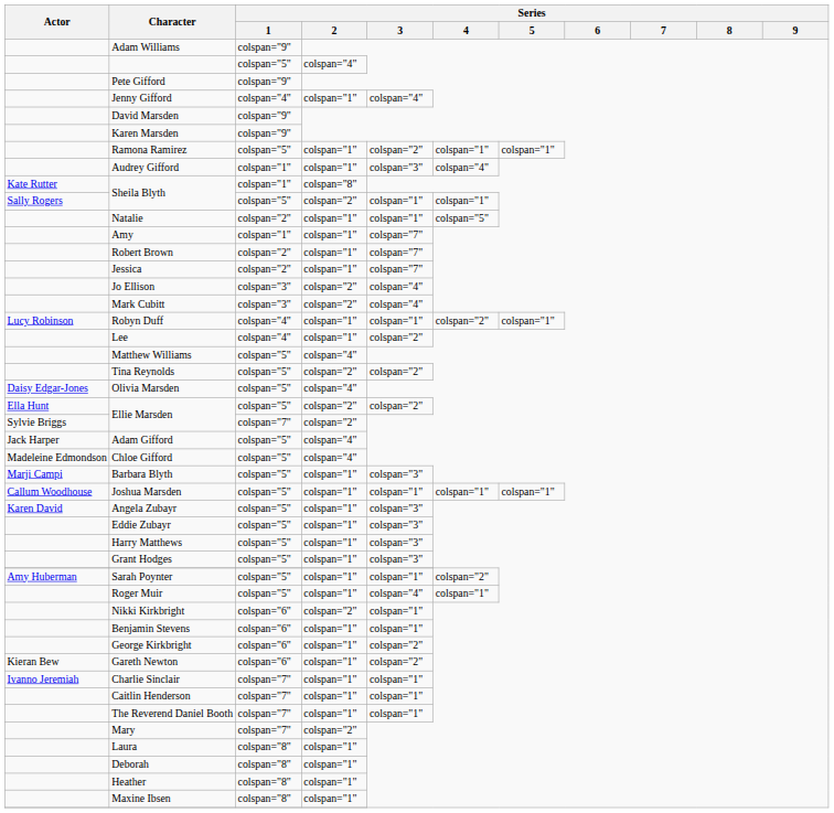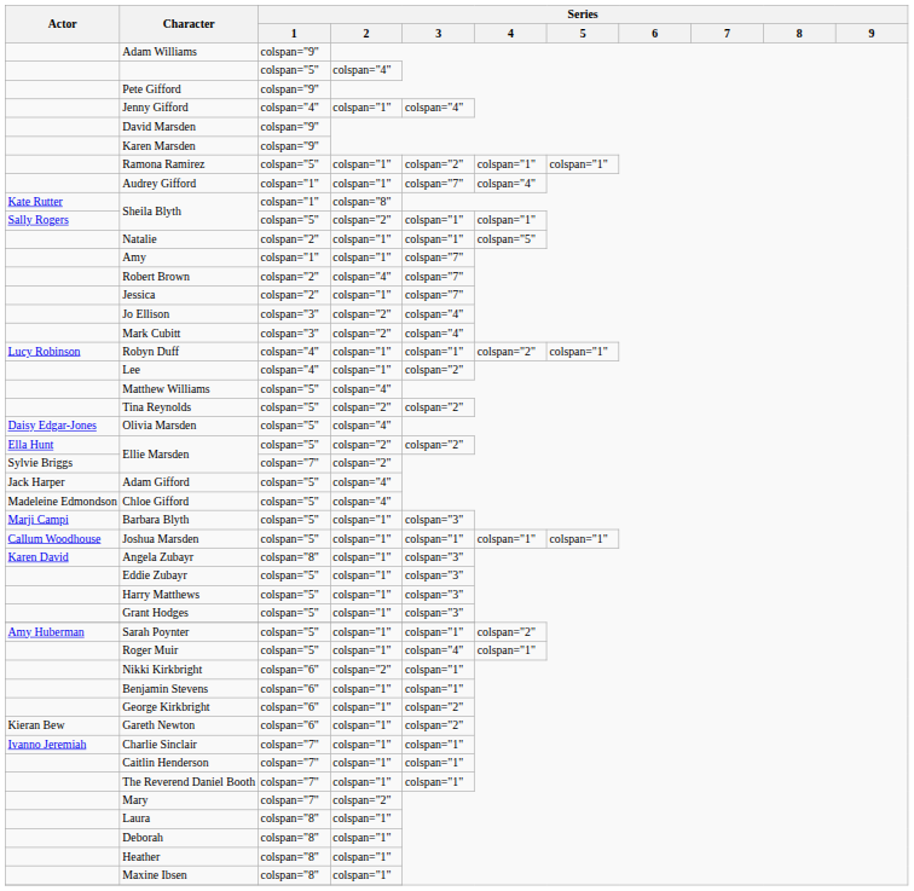 <table class="wikitable plainrowheaders">
 <tr>
 <th scope="col" rowspan="2">Actor</th>
 <th scope="col" rowspan="2">Character</th>
 <th scope="col" colspan="9">Series</th>
 </tr>
 <tr>
 <th scope="col" style="width:8%;">1</th>
 <th scope="col" style="width:8%;">2</th>
 <th scope="col" style="width:8%;">3</th>
 <th scope="col" style="width:8%;">4</th>
 <th scope="col" style="width:8%;">5</th>
 <th scope="col" style="width:8%;">6</th>
 <th scope="col" style="width:8%;">7</th>
 <th scope="col" style="width:8%;">8</th>
 <th scope="col" style="width:8%;">9</th>
 </tr>
 <tr>
 <td scope="row"></td>
 <td>Adam Williams</td>
 <td>colspan="9" </td>
 </tr>
 <tr>
 <td scope="row"></td>
 <td></td>
 <td>colspan="5" </td>
 <td>colspan="4" </td>
 </tr>
 <tr>
 <td scope="row"></td>
 <td>Pete Gifford</td>
 <td>colspan="9" </td>
 </tr>
 <tr>
 <td scope="row"></td>
 <td>Jenny Gifford</td>
 <td>colspan="4" </td>
 <td>colspan="1" </td>
 <td>colspan="4" </td>
 </tr>
 <tr>
 <td scope="row"></td>
 <td>David Marsden</td>
 <td>colspan="9" </td>
 </tr>
 <tr>
 <td scope="row"></td>
 <td>Karen Marsden</td>
 <td>colspan="9" </td>
 </tr>
 <tr>
 <td scope="row"></td>
 <td>Ramona Ramirez</td>
 <td>colspan="5" </td>
 <td>colspan="1" </td>
 <td>colspan="2" </td>
 <td>colspan="1" </td>
 <td>colspan="1" </td>
 </tr>
 <tr>
 <td scope="row"></td>
 <td>Audrey Gifford</td>
 <td>colspan="1" </td>
 <td>colspan="1" </td>
-<td>colspan="3" </td>
+<td>colspan="7" </td>
 <td>colspan="4" </td>
 </tr>
 <tr>
 <td scope="row"><a href='#'>Kate Rutter</a></td>
 <td rowspan="2">Sheila Blyth</td>
 <td>colspan="1" </td>
 <td>colspan="8" </td>
 </tr>
 <tr>
 <td><a href='#'>Sally Rogers</a></td>
 <td>colspan="5" </td>
 <td>colspan="2" </td>
 <td>colspan="1" </td>
 <td>colspan="1" </td>
 </tr>
 <tr>
 <td scope="row"></td>
 <td>Natalie</td>
 <td>colspan="2" </td>
 <td>colspan="1" </td>
 <td>colspan="1" </td>
 <td>colspan="5" </td>
 </tr>
 <tr>
 <td scope="row"></td>
 <td>Amy</td>
 <td>colspan="1" </td>
 <td>colspan="1" </td>
 <td>colspan="7" </td>
 </tr>
 <tr>
 <td scope="row"></td>
 <td>Robert Brown</td>
 <td>colspan="2" </td>
-<td>colspan="1" </td>
+<td>colspan="4" </td>
 <td>colspan="7" </td>
 </tr>
 <tr>
 <td scope="row"></td>
 <td>Jessica</td>
 <td>colspan="2" </td>
 <td>colspan="1" </td>
 <td>colspan="7" </td>
 </tr>
 <tr>
 <td scope="row"></td>
 <td>Jo Ellison</td>
 <td>colspan="3" </td>
 <td>colspan="2" </td>
 <td>colspan="4" </td>
 </tr>
 <tr>
 <td scope="row"></td>
 <td>Mark Cubitt</td>
 <td>colspan="3" </td>
 <td>colspan="2" </td>
 <td>colspan="4" </td>
 </tr>
 <tr>
 <td scope="row"><a href='#'>Lucy Robinson</a></td>
 <td>Robyn Duff</td>
 <td>colspan="4" </td>
 <td>colspan="1" </td>
 <td>colspan="1" </td>
 <td>colspan="2" </td>
 <td>colspan="1" </td>
 </tr>
 <tr>
 <td scope="row"></td>
 <td>Lee</td>
 <td>colspan="4" </td>
 <td>colspan="1" </td>
 <td>colspan="2" </td>
 </tr>
 <tr>
 <td scope="row"></td>
 <td>Matthew Williams</td>
 <td>colspan="5" </td>
 <td>colspan="4" </td>
 </tr>
 <tr>
 <td scope="row"></td>
 <td>Tina Reynolds</td>
 <td>colspan="5" </td>
 <td>colspan="2" </td>
 <td>colspan="2" </td>
 </tr>
 <tr>
 <td scope="row"><a href='#'>Daisy Edgar-Jones</a></td>
 <td>Olivia Marsden</td>
 <td>colspan="5" </td>
 <td>colspan="4" </td>
 </tr>
 <tr>
 <td scope="row"><a href='#'>Ella Hunt</a></td>
 <td rowspan="2">Ellie Marsden</td>
 <td>colspan="5" </td>
 <td>colspan="2" </td>
 <td>colspan="2" </td>
 </tr>
 <tr>
 <td>Sylvie Briggs</td>
 <td>colspan="7" </td>
 <td>colspan="2" </td>
 </tr>
 <tr>
 <td scope="row">Jack Harper</td>
 <td>Adam Gifford</td>
 <td>colspan="5" </td>
 <td>colspan="4" </td>
 </tr>
 <tr>
 <td scope="row">Madeleine Edmondson</td>
 <td>Chloe Gifford</td>
 <td>colspan="5" </td>
 <td>colspan="4" </td>
 </tr>
 <tr>
 <td scope="row"><a href='#'>Marji Campi</a></td>
 <td>Barbara Blyth</td>
 <td>colspan="5" </td>
 <td>colspan="1" </td>
 <td>colspan="3" </td>
 </tr>
 <tr>
 <td scope="row"><a href='#'>Callum Woodhouse</a></td>
 <td>Joshua Marsden</td>
 <td>colspan="5" </td>
 <td>colspan="1" </td>
 <td>colspan="1" </td>
 <td>colspan="1" </td>
 <td>colspan="1" </td>
 </tr>
 <tr>
 <td scope="row"><a href='#'>Karen David</a></td>
 <td>Angela Zubayr</td>
-<td>colspan="5" </td>
+<td>colspan="8" </td>
 <td>colspan="1" </td>
 <td>colspan="3" </td>
 </tr>
 <tr>
 <td scope="row"></td>
 <td>Eddie Zubayr</td>
 <td>colspan="5" </td>
 <td>colspan="1" </td>
 <td>colspan="3" </td>
 </tr>
 <tr>
 <td scope="row"></td>
 <td>Harry Matthews</td>
 <td>colspan="5" </td>
 <td>colspan="1" </td>
 <td>colspan="3" </td>
 </tr>
 <tr>
 <td scope="row"></td>
 <td>Grant Hodges</td>
 <td>colspan="5" </td>
 <td>colspan="1" </td>
 <td>colspan="3" </td>
 </tr>
 <tr>
 </tr>
 <tr>
 <td scope="row"><a href='#'>Amy Huberman</a></td>
 <td>Sarah Poynter</td>
 <td>colspan="5" </td>
 <td>colspan="1" </td>
 <td>colspan="1" </td>
 <td>colspan="2" </td>
 </tr>
 <tr>
 <td scope="row"></td>
 <td>Roger Muir</td>
 <td>colspan="5" </td>
 <td>colspan="1" </td>
 <td>colspan="4" </td>
 <td>colspan="1" </td>
 </tr>
 <tr>
 <td scope="row"></td>
 <td>Nikki Kirkbright</td>
 <td>colspan="6" </td>
 <td>colspan="2" </td>
 <td>colspan="1" </td>
 </tr>
 <tr>
 <td scope="row"></td>
 <td>Benjamin Stevens</td>
 <td>colspan="6" </td>
 <td>colspan="1" </td>
 <td>colspan="1" </td>
 </tr>
 <tr>
 <td scope="row"></td>
 <td>George Kirkbright</td>
 <td>colspan="6" </td>
 <td>colspan="1" </td>
 <td>colspan="2" </td>
 </tr>
 <tr>
 <td scope="row">Kieran Bew</td>
 <td>Gareth Newton</td>
 <td>colspan="6" </td>
 <td>colspan="1" </td>
 <td>colspan="2" </td>
 </tr>
 <tr>
 <td scope="row"><a href='#'>Ivanno Jeremiah</a></td>
 <td>Charlie Sinclair</td>
 <td>colspan="7" </td>
 <td>colspan="1" </td>
 <td>colspan="1" </td>
 </tr>
 <tr>
 <td scope="row"></td>
 <td>Caitlin Henderson</td>
 <td>colspan="7" </td>
 <td>colspan="1" </td>
 <td>colspan="1" </td>
 </tr>
 <tr>
 <td scope="row"></td>
 <td>The Reverend Daniel Booth</td>
 <td>colspan="7" </td>
 <td>colspan="1" </td>
 <td>colspan="1" </td>
 </tr>
 <tr>
 <td scope="row"></td>
 <td>Mary</td>
 <td>colspan="7" </td>
 <td>colspan="2" </td>
 </tr>
 <tr>
 <td scope="row"></td>
 <td>Laura</td>
 <td>colspan="8" </td>
 <td>colspan="1" </td>
 </tr>
 <tr>
 <td scope="row"></td>
 <td>Deborah</td>
 <td>colspan="8" </td>
 <td>colspan="1" </td>
 </tr>
 <tr>
 <td scope="row"></td>
 <td>Heather</td>
 <td>colspan="8" </td>
 <td>colspan="1" </td>
 </tr>
 <tr>
 <td scope="row"></td>
 <td>Maxine Ibsen</td>
 <td>colspan="8" </td>
 <td>colspan="1" </td>
 </tr>
 <tr>
 </tr>
 </table>
